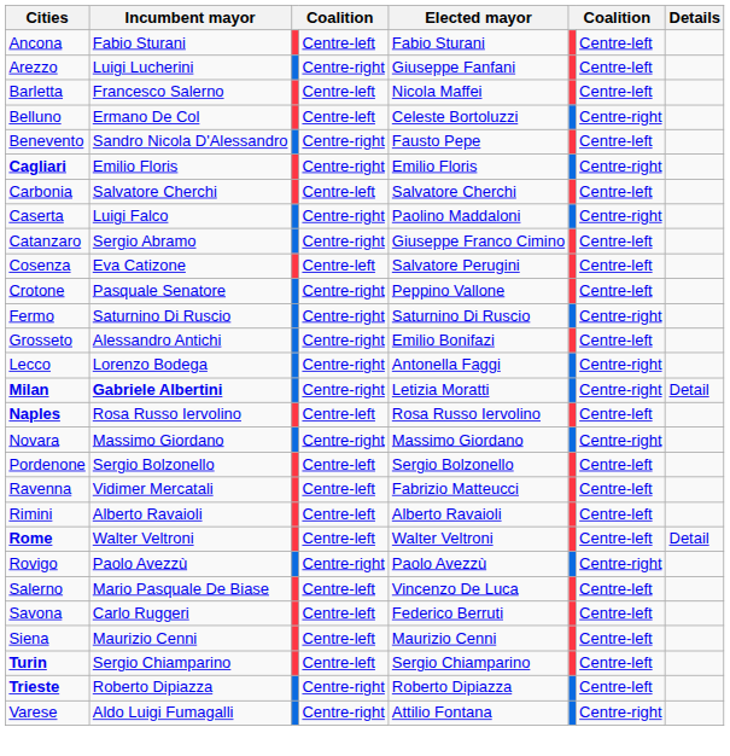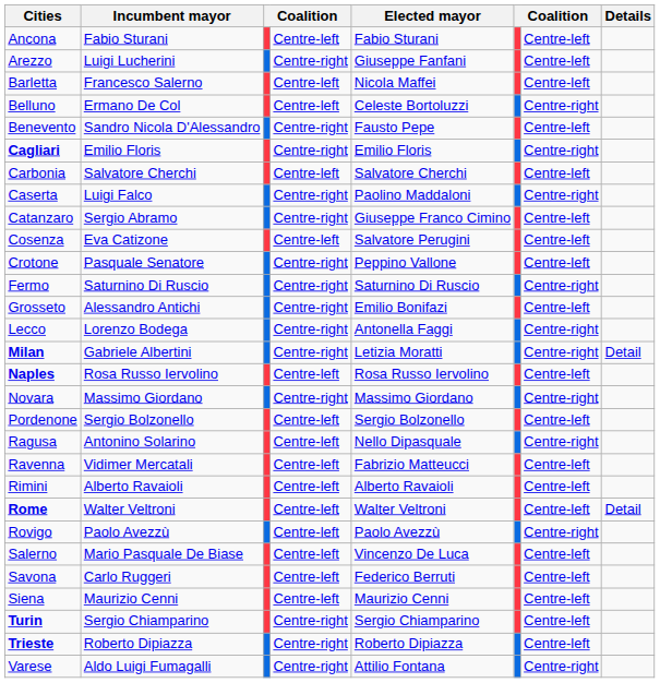 <table class="wikitable sortable centre">
 <tr>
 <th>Cities</th>
 <th>Incumbent mayor</th>
 <th colspan=2>Coalition</th>
 <th>Elected mayor</th>
 <th colspan=2>Coalition</th>
 <th>Details</th>
 </tr>
 <tr>
 <td><a href='#'>Ancona</a></td>
 <td><a href='#'>Fabio Sturani</a></td>
 <td style="background:#FF3643"></td>
 <td><a href='#'>Centre-left</a></td>
 <td><a href='#'>Fabio Sturani</a></td>
 <td style="background:#FF3643"></td>
 <td><a href='#'>Centre-left</a></td>
 <td></td>
 </tr>
 <tr>
 <td><a href='#'>Arezzo</a></td>
 <td><a href='#'>Luigi Lucherini</a></td>
 <td style="background:#0A6BE1"></td>
 <td><a href='#'>Centre-right</a></td>
 <td><a href='#'>Giuseppe Fanfani</a></td>
 <td style="background:#FF3643"></td>
 <td><a href='#'>Centre-left</a></td>
 <td></td>
 </tr>
 <tr>
 <td><a href='#'>Barletta</a></td>
 <td><a href='#'>Francesco Salerno</a></td>
 <td style="background:#FF3643"></td>
 <td><a href='#'>Centre-left</a></td>
 <td><a href='#'>Nicola Maffei</a></td>
 <td style="background:#FF3643"></td>
 <td><a href='#'>Centre-left</a></td>
 <td></td>
 </tr>
 <tr>
 <td><a href='#'>Belluno</a></td>
 <td><a href='#'>Ermano De Col</a></td>
 <td style="background:#FF3643"></td>
 <td><a href='#'>Centre-left</a></td>
 <td><a href='#'>Celeste Bortoluzzi</a></td>
 <td style="background:#0A6BE1"></td>
 <td><a href='#'>Centre-right</a></td>
 <td></td>
 </tr>
 <tr>
 <td><a href='#'>Benevento</a></td>
 <td><a href='#'>Sandro Nicola D'Alessandro</a></td>
 <td style="background:#0A6BE1"></td>
 <td><a href='#'>Centre-right</a></td>
 <td><a href='#'>Fausto Pepe</a></td>
 <td style="background:#FF3643"></td>
 <td><a href='#'>Centre-left</a></td>
 <td></td>
 </tr>
 <tr>
 <td><strong><a href='#'>Cagliari</a></strong></td>
 <td><a href='#'>Emilio Floris</a></td>
 <td style="background:#FF3643"></td>
 <td><a href='#'>Centre-right</a></td>
 <td><a href='#'>Emilio Floris</a></td>
 <td style="background:#0A6BE1"></td>
 <td><a href='#'>Centre-right</a></td>
 <td></td>
 </tr>
 <tr>
 <td><a href='#'>Carbonia</a></td>
 <td><a href='#'>Salvatore Cherchi</a></td>
 <td style="background:#FF3643"></td>
 <td><a href='#'>Centre-left</a></td>
 <td><a href='#'>Salvatore Cherchi</a></td>
 <td style="background:#FF3643"></td>
 <td><a href='#'>Centre-left</a></td>
 <td></td>
 </tr>
 <tr>
 <td><a href='#'>Caserta</a></td>
 <td><a href='#'>Luigi Falco</a></td>
 <td style="background:#0A6BE1"></td>
 <td><a href='#'>Centre-right</a></td>
 <td><a href='#'>Paolino Maddaloni</a></td>
 <td style="background:#0A6BE1"></td>
 <td><a href='#'>Centre-right</a></td>
 <td></td>
 </tr>
 <tr>
 <td><a href='#'>Catanzaro</a></td>
 <td><a href='#'>Sergio Abramo</a></td>
 <td style="background:#0A6BE1"></td>
 <td><a href='#'>Centre-right</a></td>
 <td><a href='#'>Giuseppe Franco Cimino</a></td>
 <td style="background:#FF3643"></td>
 <td><a href='#'>Centre-left</a></td>
 <td></td>
 </tr>
 <tr>
 <td><a href='#'>Cosenza</a></td>
 <td><a href='#'>Eva Catizone</a></td>
 <td style="background:#FF3643"></td>
 <td><a href='#'>Centre-left</a></td>
 <td><a href='#'>Salvatore Perugini</a></td>
 <td style="background:#FF3643"></td>
 <td><a href='#'>Centre-left</a></td>
 <td></td>
 </tr>
 <tr>
 <td><a href='#'>Crotone</a></td>
 <td><a href='#'>Pasquale Senatore</a></td>
 <td style="background:#0A6BE1"></td>
 <td><a href='#'>Centre-right</a></td>
 <td><a href='#'>Peppino Vallone</a></td>
 <td style="background:#FF3643"></td>
 <td><a href='#'>Centre-left</a></td>
 <td></td>
 </tr>
 <tr>
 <td><a href='#'>Fermo</a></td>
 <td><a href='#'>Saturnino Di Ruscio</a></td>
 <td style="background:#0A6BE1"></td>
 <td><a href='#'>Centre-right</a></td>
 <td><a href='#'>Saturnino Di Ruscio</a></td>
 <td style="background:#0A6BE1"></td>
 <td><a href='#'>Centre-right</a></td>
 <td></td>
 </tr>
 <tr>
 <td><a href='#'>Grosseto</a></td>
 <td><a href='#'>Alessandro Antichi</a></td>
 <td style="background:#0A6BE1"></td>
 <td><a href='#'>Centre-right</a></td>
 <td><a href='#'>Emilio Bonifazi</a></td>
 <td style="background:#FF3643"></td>
 <td><a href='#'>Centre-left</a></td>
 <td></td>
 </tr>
 <tr>
 <td><a href='#'>Lecco</a></td>
 <td><a href='#'>Lorenzo Bodega</a></td>
 <td style="background:#0A6BE1"></td>
 <td><a href='#'>Centre-right</a></td>
 <td><a href='#'>Antonella Faggi</a></td>
 <td style="background:#0A6BE1"></td>
 <td><a href='#'>Centre-right</a></td>
 <td></td>
 </tr>
 <tr>
 <td><strong><a href='#'>Milan</a></strong></td>
-<td><strong><a href='#'>Gabriele Albertini</a></strong></td>
+<td><a href='#'>Gabriele Albertini</a></td>
 <td style="background:#0A6BE1"></td>
 <td><a href='#'>Centre-right</a></td>
 <td><a href='#'>Letizia Moratti</a></td>
 <td style="background:#0A6BE1"></td>
 <td><a href='#'>Centre-right</a></td>
 <td><a href='#'>Detail</a></td>
 </tr>
 <tr>
 <td><strong><a href='#'>Naples</a></strong></td>
 <td><a href='#'>Rosa Russo Iervolino</a></td>
 <td style="background:#FF3643"></td>
 <td><a href='#'>Centre-left</a></td>
 <td><a href='#'>Rosa Russo Iervolino</a></td>
 <td style="background:#FF3643"></td>
 <td><a href='#'>Centre-left</a></td>
 <td></td>
 </tr>
 <tr>
 <td><a href='#'>Novara</a></td>
 <td><a href='#'>Massimo Giordano</a></td>
 <td style="background:#0A6BE1"></td>
 <td><a href='#'>Centre-right</a></td>
 <td><a href='#'>Massimo Giordano</a></td>
 <td style="background:#0A6BE1"></td>
 <td><a href='#'>Centre-right</a></td>
 <td></td>
 </tr>
 <tr>
 <td><a href='#'>Pordenone</a></td>
 <td><a href='#'>Sergio Bolzonello</a></td>
 <td style="background:#FF3643"></td>
 <td><a href='#'>Centre-left</a></td>
 <td><a href='#'>Sergio Bolzonello</a></td>
 <td style="background:#FF3643"></td>
 <td><a href='#'>Centre-left</a></td>
 <td></td>
 </tr>
 <tr>
+<td><a href='#'>Ragusa</a></td>
+<td><a href='#'>Antonino Solarino</a></td>
+<td style="background:#FF3643"></td>
+<td><a href='#'>Centre-left</a></td>
+<td><a href='#'>Nello Dipasquale</a></td>
+<td style="background:#0A6BE1"></td>
+<td><a href='#'>Centre-right</a></td>
+<td></td>
+</tr>
+<tr>
 <td><a href='#'>Ravenna</a></td>
 <td><a href='#'>Vidimer Mercatali</a></td>
 <td style="background:#FF3643"></td>
 <td><a href='#'>Centre-left</a></td>
 <td><a href='#'>Fabrizio Matteucci</a></td>
 <td style="background:#FF3643"></td>
 <td><a href='#'>Centre-left</a></td>
 <td></td>
 </tr>
 <tr>
 <td><a href='#'>Rimini</a></td>
 <td><a href='#'>Alberto Ravaioli</a></td>
 <td style="background:#FF3643"></td>
 <td><a href='#'>Centre-left</a></td>
 <td><a href='#'>Alberto Ravaioli</a></td>
 <td style="background:#FF3643"></td>
 <td><a href='#'>Centre-left</a></td>
 <td></td>
 </tr>
 <tr>
 <td><strong><a href='#'>Rome</a></strong></td>
 <td><a href='#'>Walter Veltroni</a></td>
 <td style="background:#FF3643"></td>
 <td><a href='#'>Centre-left</a></td>
 <td><a href='#'>Walter Veltroni</a></td>
 <td style="background:#FF3643"></td>
 <td><a href='#'>Centre-left</a></td>
 <td><a href='#'>Detail</a></td>
 </tr>
 <tr>
 <td><a href='#'>Rovigo</a></td>
 <td><a href='#'>Paolo Avezzù</a></td>
 <td style="background:#0A6BE1"></td>
-<td><a href='#'>Centre-right</a></td>
+<td><a href='#'>Centre-left</a></td>
 <td><a href='#'>Paolo Avezzù</a></td>
 <td style="background:#0A6BE1"></td>
 <td><a href='#'>Centre-right</a></td>
 <td></td>
 </tr>
 <tr>
 <td><a href='#'>Salerno</a></td>
 <td><a href='#'>Mario Pasquale De Biase</a></td>
 <td style="background:#FF3643"></td>
 <td><a href='#'>Centre-left</a></td>
 <td><a href='#'>Vincenzo De Luca</a></td>
 <td style="background:#FF3643"></td>
 <td><a href='#'>Centre-left</a></td>
 <td></td>
 </tr>
 <tr>
 <td><a href='#'>Savona</a></td>
 <td><a href='#'>Carlo Ruggeri</a></td>
 <td style="background:#FF3643"></td>
 <td><a href='#'>Centre-left</a></td>
 <td><a href='#'>Federico Berruti</a></td>
 <td style="background:#FF3643"></td>
 <td><a href='#'>Centre-left</a></td>
 <td></td>
 </tr>
 <tr>
 <td><a href='#'>Siena</a></td>
 <td><a href='#'>Maurizio Cenni</a></td>
 <td style="background:#FF3643"></td>
 <td><a href='#'>Centre-left</a></td>
 <td><a href='#'>Maurizio Cenni</a></td>
 <td style="background:#FF3643"></td>
 <td><a href='#'>Centre-left</a></td>
 <td></td>
 </tr>
 <tr>
 <td><strong><a href='#'>Turin</a></strong></td>
 <td><a href='#'>Sergio Chiamparino</a></td>
 <td style="background:#FF3643"></td>
-<td><a href='#'>Centre-left</a></td>
+<td><a href='#'>Centre-right</a></td>
 <td><a href='#'>Sergio Chiamparino</a></td>
 <td style="background:#FF3643"></td>
 <td><a href='#'>Centre-left</a></td>
 <td></td>
 </tr>
 <tr>
 <td><strong><a href='#'>Trieste</a></strong></td>
 <td><a href='#'>Roberto Dipiazza</a></td>
 <td style="background:#0A6BE1"></td>
 <td><a href='#'>Centre-right</a></td>
 <td><a href='#'>Roberto Dipiazza</a></td>
 <td style="background:#0A6BE1"></td>
 <td><a href='#'>Centre-left</a></td>
 <td></td>
 </tr>
 <tr>
 <td><a href='#'>Varese</a></td>
 <td><a href='#'>Aldo Luigi Fumagalli</a></td>
 <td style="background:#0A6BE1"></td>
 <td><a href='#'>Centre-right</a></td>
 <td><a href='#'>Attilio Fontana</a></td>
 <td style="background:#0A6BE1"></td>
 <td><a href='#'>Centre-right</a></td>
 <td></td>
 </tr>
 </table>
